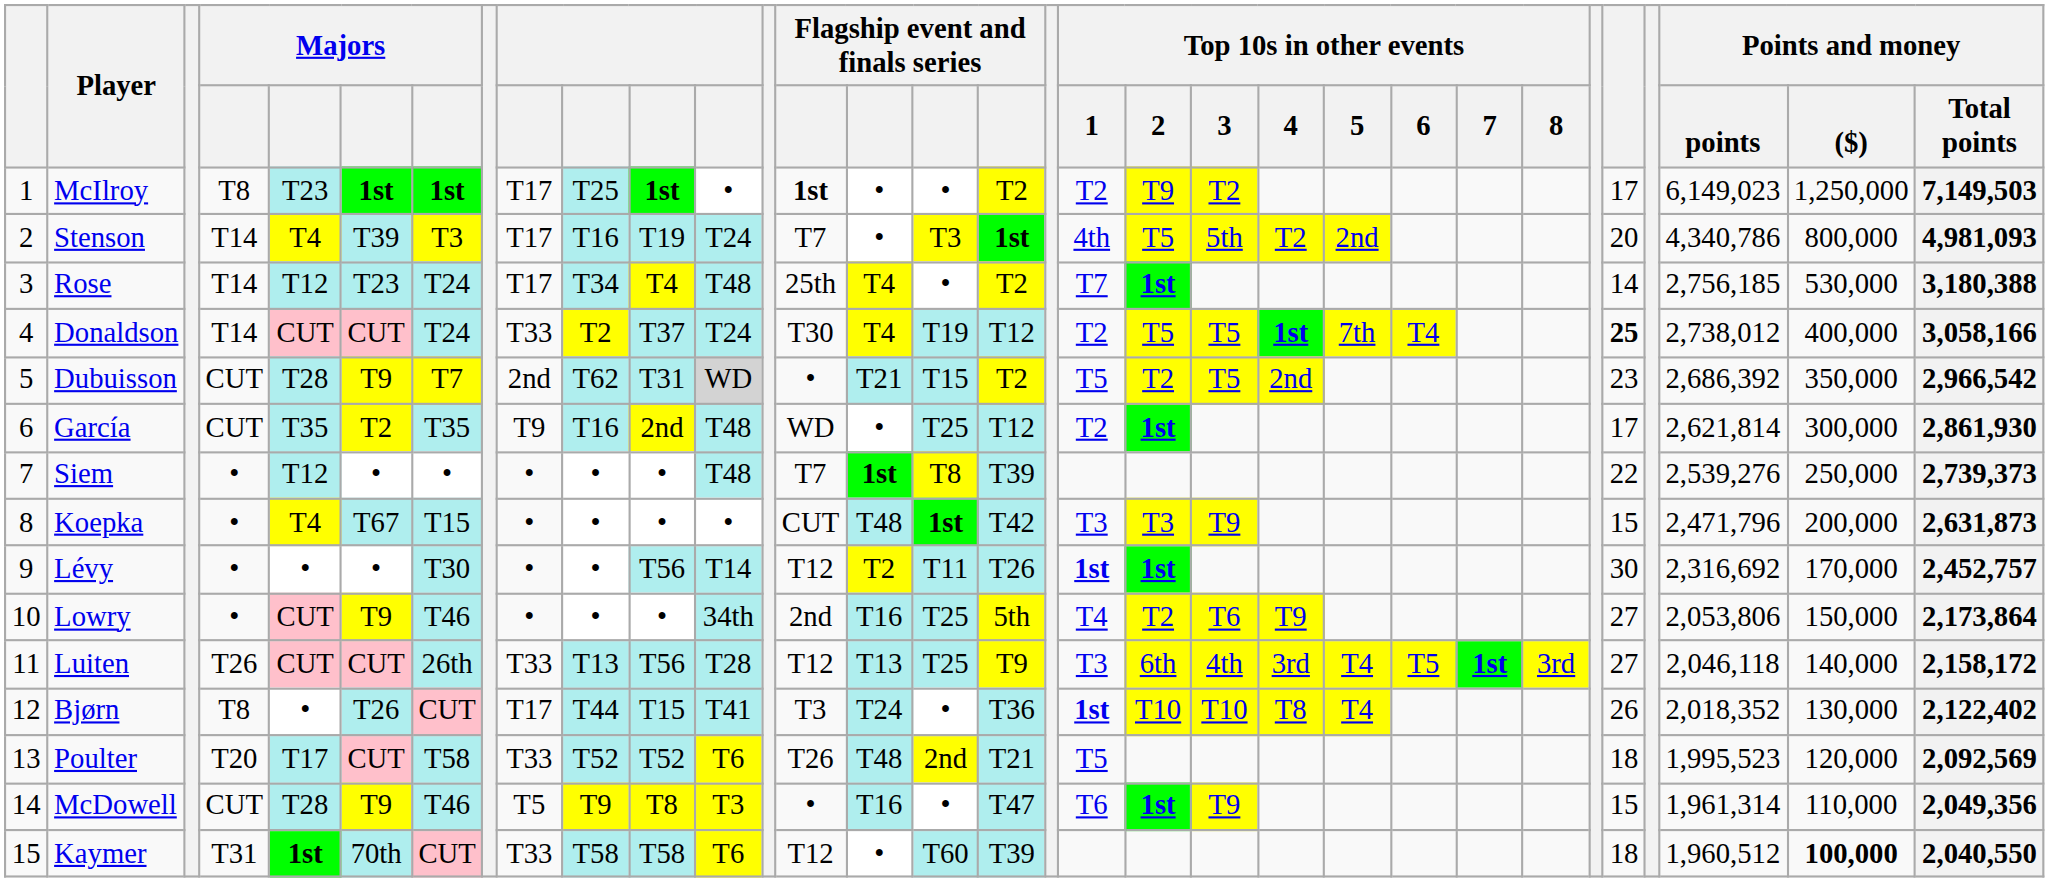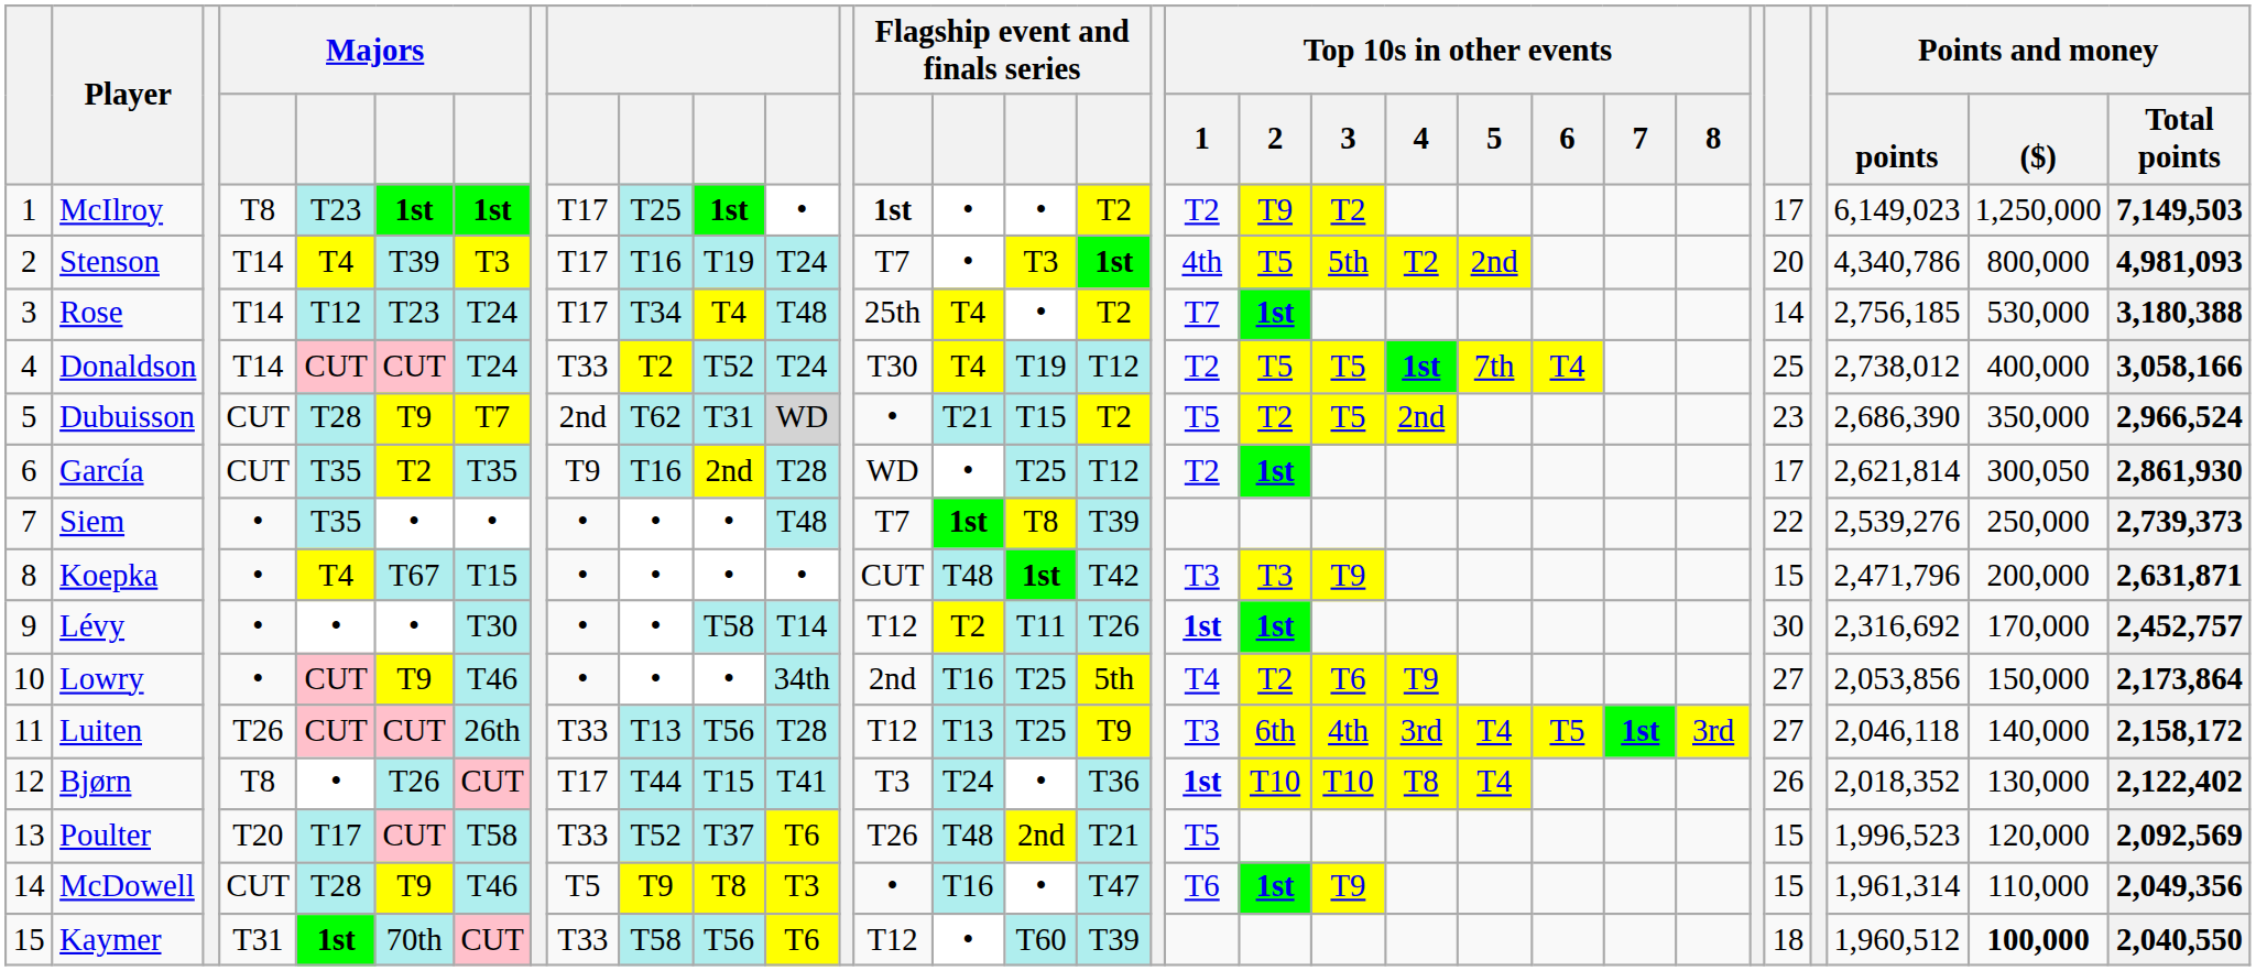 <table class=wikitable style=font-size:85%;text-align:center>
 <tr>
 <th rowspan=2></th>
 <th rowspan="2";>Player</th>
 <th rowspan="32"></th>
 <th colspan=4><a href='#'>Majors</a></th>
 <th rowspan="32"></th>
 <th colspan=4></th>
 <th rowspan="32"></th>
 <th colspan=4>Flagship event and  finals series</th>
 <th rowspan="32"></th>
 <th colspan="8">Top 10s in other  events</th>
 <th rowspan="32"></th>
 <th rowspan=2></th>
 <th rowspan="32"></th>
 <th colspan=3>Points and money</th>
 </tr>
 <tr>
 <th style="width:25px;"></th>
 <th style="width:25px;"></th>
 <th style="width:25px;"></th>
 <th style="width:25px;"></th>
 <th style="width:25px;"></th>
 <th style="width:25px;"></th>
 <th style="width:25px;"></th>
 <th style="width:25px;"></th>
 <th style="width:25px;"></th>
 <th style="width:25px;"></th>
 <th style="width:25px;"></th>
 <th style="width:25px;"></th>
 <th style="width:25px;">1</th>
 <th style="width:25px;">2</th>
 <th style="width:25px;">3</th>
 <th style="width:25px;">4</th>
 <th style="width:25px;">5</th>
 <th style="width:25px;">6</th>
 <th style="width:25px;">7</th>
 <th style="width:25px;">8</th>
 <th style=“width:25px;”><br>points</th>
 <th style=“width:25px;”><br>($)</th>
 <th style=“width:25px;”>Total<br>points</th>
 </tr>
 <tr>
 <td>1</td>
 <td align="left"> <a href='#'>McIlroy</a></td>
 <td>T8</td>
 <td bgcolor="afeeee">T23</td>
 <td bgcolor="lime"><strong>1st</strong></td>
 <td bgcolor="lime"><strong>1st</strong></td>
 <td>T17</td>
 <td bgcolor="afeeee">T25</td>
 <td bgcolor="lime"><strong>1st</strong></td>
 <td style="background:white">•</td>
 <td><strong>1st</strong></td>
 <td style="background:white">•</td>
 <td style="background:white">•</td>
 <td bgcolor="yellow">T2</td>
 <td><a href='#'>T2</a></td>
 <td bgcolor="yellow"><a href='#'>T9</a></td>
 <td bgcolor="yellow"><a href='#'>T2</a></td>
 <td bgcolor=""></td>
 <td bgcolor=""></td>
 <td bgcolor=""></td>
 <td bgcolor=""></td>
 <td bgcolor=""></td>
 <td>17</td>
 <td>6,149,023</td>
 <td>1,250,000</td>
 <th>7,149,503</th>
 </tr>
 <tr>
 <td>2</td>
 <td align="left"> <a href='#'>Stenson</a></td>
 <td>T14</td>
 <td bgcolor="yellow">T4</td>
 <td bgcolor="afeeee">T39</td>
 <td bgcolor="yellow">T3</td>
 <td>T17</td>
 <td bgcolor="afeeee">T16</td>
 <td bgcolor="afeeee">T19</td>
 <td bgcolor="afeeee">T24</td>
 <td>T7</td>
 <td style="background:white">•</td>
 <td bgcolor="yellow">T3</td>
 <td bgcolor="lime"><strong>1st</strong></td>
 <td><a href='#'>4th</a></td>
 <td bgcolor="yellow"><a href='#'>T5</a></td>
 <td bgcolor="yellow"><a href='#'>5th</a></td>
 <td bgcolor="yellow"><a href='#'>T2</a></td>
 <td bgcolor="yellow"><a href='#'>2nd</a></td>
 <td bgcolor=""></td>
 <td bgcolor=""></td>
 <td bgcolor=""></td>
 <td>20</td>
 <td>4,340,786</td>
 <td>800,000</td>
 <th>4,981,093</th>
 </tr>
 <tr>
 <td>3</td>
 <td align="left"> <a href='#'>Rose</a></td>
 <td>T14</td>
 <td bgcolor="afeeee">T12</td>
 <td bgcolor="afeeee">T23</td>
 <td bgcolor="afeeee">T24</td>
 <td>T17</td>
 <td bgcolor="afeeee">T34</td>
 <td bgcolor="yellow">T4</td>
 <td bgcolor="afeeee">T48</td>
 <td>25th</td>
 <td bgcolor="yellow">T4</td>
 <td style="background:white">•</td>
 <td bgcolor="yellow">T2</td>
 <td><a href='#'>T7</a></td>
 <td bgcolor="lime"><a href='#'><strong>1st</strong></a></td>
 <td bgcolor=""></td>
 <td bgcolor=""></td>
 <td bgcolor=""></td>
 <td bgcolor=""></td>
 <td bgcolor=""></td>
 <td bgcolor=""></td>
 <td>14</td>
 <td>2,756,185</td>
 <td>530,000</td>
 <th>3,180,388</th>
 </tr>
 <tr>
 <td>4</td>
 <td align="left"> <a href='#'>Donaldson</a></td>
 <td>T14</td>
 <td bgcolor="pink">CUT</td>
 <td bgcolor="pink">CUT</td>
 <td bgcolor="afeeee">T24</td>
 <td>T33</td>
 <td bgcolor="yellow">T2</td>
-<td bgcolor="afeeee">T37</td>
+<td bgcolor="afeeee">T52</td>
 <td bgcolor="afeeee">T24</td>
 <td>T30</td>
 <td bgcolor="yellow">T4</td>
 <td bgcolor="afeeee">T19</td>
 <td bgcolor="afeeee">T12</td>
 <td><a href='#'>T2</a></td>
 <td bgcolor="yellow"><a href='#'>T5</a></td>
 <td bgcolor="yellow"><a href='#'>T5</a></td>
 <td bgcolor="lime"><a href='#'><strong>1st</strong></a></td>
 <td bgcolor="yellow"><a href='#'>7th</a></td>
 <td bgcolor="yellow"><a href='#'>T4</a></td>
 <td bgcolor=""></td>
 <td bgcolor=""></td>
-<td><strong>25</strong></td>
+<td>25</td>
 <td>2,738,012</td>
 <td>400,000</td>
 <th>3,058,166</th>
 </tr>
 <tr>
 <td>5</td>
 <td align="left"> <a href='#'>Dubuisson</a></td>
 <td>CUT</td>
 <td bgcolor="afeeee">T28</td>
 <td bgcolor="yellow">T9</td>
 <td bgcolor="yellow">T7</td>
 <td>2nd</td>
 <td bgcolor="afeeee">T62</td>
 <td bgcolor="afeeee">T31</td>
 <td bgcolor="lightgrey">WD</td>
 <td>•</td>
 <td bgcolor="afeeee">T21</td>
 <td bgcolor="afeeee">T15</td>
 <td bgcolor="yellow">T2</td>
 <td><a href='#'>T5</a></td>
 <td bgcolor="yellow"><a href='#'>T2</a></td>
 <td bgcolor="yellow"><a href='#'>T5</a></td>
 <td bgcolor="yellow"><a href='#'>2nd</a></td>
 <td bgcolor=""></td>
 <td bgcolor=""></td>
 <td bgcolor=""></td>
 <td bgcolor=""></td>
 <td>23</td>
-<td>2,686,392</td>
+<td>2,686,390</td>
 <td>350,000</td>
-<th>2,966,542</th>
+<th>2,966,524</th>
 </tr>
 <tr>
 <td>6</td>
 <td align="left"> <a href='#'>García</a></td>
 <td>CUT</td>
 <td bgcolor="afeeee">T35</td>
 <td bgcolor="yellow">T2</td>
 <td bgcolor="afeeee">T35</td>
 <td>T9</td>
 <td bgcolor="afeeee">T16</td>
 <td bgcolor="yellow">2nd</td>
-<td bgcolor="afeeee">T48</td>
+<td bgcolor="afeeee">T28</td>
 <td>WD</td>
 <td style="background:white">•</td>
 <td bgcolor="afeeee">T25</td>
 <td bgcolor="afeeee">T12</td>
 <td><a href='#'>T2</a></td>
 <td bgcolor="lime"><a href='#'><strong>1st</strong></a></td>
 <td bgcolor=""></td>
 <td bgcolor=""></td>
 <td bgcolor=""></td>
 <td bgcolor=""></td>
 <td bgcolor=""></td>
 <td bgcolor=""></td>
 <td>17</td>
 <td>2,621,814</td>
-<td>300,000</td>
+<td>300,050</td>
 <th>2,861,930</th>
 </tr>
 <tr>
 <td>7</td>
 <td align="left"> <a href='#'>Siem</a></td>
 <td>•</td>
-<td bgcolor="afeeee">T12</td>
+<td bgcolor="afeeee">T35</td>
 <td style="background:white">•</td>
 <td style="background:white">•</td>
 <td>•</td>
 <td style="background:white">•</td>
 <td style="background:white">•</td>
 <td bgcolor="afeeee">T48</td>
 <td>T7</td>
 <td bgcolor="lime"><strong>1st</strong></td>
 <td bgcolor="yellow">T8</td>
 <td bgcolor="afeeee">T39</td>
 <td></td>
 <td bgcolor=""></td>
 <td bgcolor=""></td>
 <td bgcolor=""></td>
 <td bgcolor=""></td>
 <td bgcolor=""></td>
 <td bgcolor=""></td>
 <td bgcolor=""></td>
 <td>22</td>
 <td>2,539,276</td>
 <td>250,000</td>
 <th>2,739,373</th>
 </tr>
 <tr>
 <td>8</td>
 <td align="left"> <a href='#'>Koepka</a></td>
 <td>•</td>
 <td bgcolor="yellow">T4</td>
 <td bgcolor="afeeee">T67</td>
 <td bgcolor="afeeee">T15</td>
 <td>•</td>
 <td style="background:white">•</td>
 <td style="background:white">•</td>
 <td style="background:white">•</td>
 <td>CUT</td>
 <td bgcolor="afeeee">T48</td>
 <td bgcolor="lime"><strong>1st</strong></td>
 <td bgcolor="afeeee">T42</td>
 <td><a href='#'>T3</a></td>
 <td bgcolor="yellow"><a href='#'>T3</a></td>
 <td bgcolor="yellow"><a href='#'>T9</a></td>
 <td bgcolor=""></td>
 <td bgcolor=""></td>
 <td bgcolor=""></td>
 <td bgcolor=""></td>
 <td bgcolor=""></td>
 <td>15</td>
 <td>2,471,796</td>
 <td>200,000</td>
-<th>2,631,873</th>
+<th>2,631,871</th>
 </tr>
 <tr>
 <td>9</td>
 <td align="left"> <a href='#'>Lévy</a></td>
 <td>•</td>
 <td style="background:white">•</td>
 <td style="background:white">•</td>
 <td bgcolor="afeeee">T30</td>
 <td>•</td>
 <td style="background:white">•</td>
-<td bgcolor="afeeee">T56</td>
+<td bgcolor="afeeee">T58</td>
 <td bgcolor="afeeee">T14</td>
 <td>T12</td>
 <td bgcolor="yellow">T2</td>
 <td bgcolor="afeeee">T11</td>
 <td bgcolor="afeeee">T26</td>
 <td><a href='#'><strong>1st</strong></a></td>
 <td bgcolor="lime"><a href='#'><strong>1st</strong></a></td>
 <td bgcolor=""></td>
 <td bgcolor=""></td>
 <td bgcolor=""></td>
 <td bgcolor=""></td>
 <td bgcolor=""></td>
 <td bgcolor=""></td>
 <td>30</td>
 <td>2,316,692</td>
 <td>170,000</td>
 <th>2,452,757</th>
 </tr>
 <tr>
 <td>10</td>
 <td align="left"> <a href='#'>Lowry</a></td>
 <td>•</td>
 <td bgcolor="pink">CUT</td>
 <td bgcolor="yellow">T9</td>
 <td bgcolor="afeeee">T46</td>
 <td>•</td>
 <td style="background:white">•</td>
 <td style="background:white">•</td>
 <td bgcolor="afeeee">34th</td>
 <td>2nd</td>
 <td bgcolor="afeeee">T16</td>
 <td bgcolor="afeeee">T25</td>
 <td bgcolor="yellow">5th</td>
 <td><a href='#'>T4</a></td>
 <td bgcolor="yellow"><a href='#'>T2</a></td>
 <td bgcolor="yellow"><a href='#'>T6</a></td>
 <td bgcolor="yellow"><a href='#'>T9</a></td>
 <td bgcolor=""></td>
 <td bgcolor=""></td>
 <td bgcolor=""></td>
 <td bgcolor=""></td>
 <td>27</td>
-<td>2,053,806</td>
+<td>2,053,856</td>
 <td>150,000</td>
 <th>2,173,864</th>
 </tr>
 <tr>
 <td>11</td>
 <td align="left"> <a href='#'>Luiten</a></td>
 <td>T26</td>
 <td bgcolor="pink">CUT</td>
 <td bgcolor="pink">CUT</td>
 <td bgcolor="afeeee">26th</td>
 <td>T33</td>
 <td bgcolor="afeeee">T13</td>
 <td bgcolor="afeeee">T56</td>
 <td bgcolor="afeeee">T28</td>
 <td>T12</td>
 <td bgcolor="afeeee">T13</td>
 <td bgcolor="afeeee">T25</td>
 <td bgcolor="yellow">T9</td>
 <td><a href='#'>T3</a></td>
 <td bgcolor="yellow"><a href='#'>6th</a></td>
 <td bgcolor="yellow"><a href='#'>4th</a></td>
 <td bgcolor="yellow"><a href='#'>3rd</a></td>
 <td bgcolor="yellow"><a href='#'>T4</a></td>
 <td bgcolor="yellow"><a href='#'>T5</a></td>
 <td bgcolor="lime"><a href='#'><strong>1st</strong></a></td>
 <td bgcolor="yellow"><a href='#'>3rd</a></td>
 <td>27</td>
 <td>2,046,118</td>
 <td>140,000</td>
 <th>2,158,172</th>
 </tr>
 <tr>
 <td>12</td>
 <td align="left"> <a href='#'>Bjørn</a></td>
 <td>T8</td>
 <td style="background:white">•</td>
 <td bgcolor="afeeee">T26</td>
 <td bgcolor="pink">CUT</td>
 <td>T17</td>
 <td bgcolor="afeeee">T44</td>
 <td bgcolor="afeeee">T15</td>
 <td bgcolor="afeeee">T41</td>
 <td>T3</td>
 <td bgcolor="afeeee">T24</td>
 <td style="background:white">•</td>
 <td bgcolor="afeeee">T36</td>
 <td><a href='#'><strong>1st</strong></a></td>
 <td bgcolor="yellow"><a href='#'>T10</a></td>
 <td bgcolor="yellow"><a href='#'>T10</a></td>
 <td bgcolor="yellow"><a href='#'>T8</a></td>
 <td bgcolor="yellow"><a href='#'>T4</a></td>
 <td bgcolor=""></td>
 <td bgcolor=""></td>
 <td bgcolor=""></td>
 <td>26</td>
 <td>2,018,352</td>
 <td>130,000</td>
 <th>2,122,402</th>
 </tr>
 <tr>
 <td>13</td>
 <td align="left"> <a href='#'>Poulter</a></td>
 <td>T20</td>
 <td bgcolor="afeeee">T17</td>
 <td bgcolor="pink">CUT</td>
 <td bgcolor="afeeee">T58</td>
 <td>T33</td>
 <td bgcolor="afeeee">T52</td>
-<td bgcolor="afeeee">T52</td>
+<td bgcolor="afeeee">T37</td>
 <td bgcolor="yellow">T6</td>
 <td>T26</td>
 <td bgcolor="afeeee">T48</td>
 <td bgcolor="yellow">2nd</td>
 <td bgcolor="afeeee">T21</td>
 <td><a href='#'>T5</a></td>
 <td bgcolor=""></td>
 <td bgcolor=""></td>
 <td bgcolor=""></td>
 <td bgcolor=""></td>
 <td bgcolor=""></td>
 <td bgcolor=""></td>
 <td bgcolor=""></td>
-<td>18</td>
-<td>1,995,523</td>
+<td>15</td>
+<td>1,996,523</td>
 <td>120,000</td>
 <th>2,092,569</th>
 </tr>
 <tr>
 <td>14</td>
 <td align="left"> <a href='#'>McDowell</a></td>
 <td>CUT</td>
 <td bgcolor="afeeee">T28</td>
 <td bgcolor="yellow">T9</td>
 <td bgcolor="afeeee">T46</td>
 <td>T5</td>
 <td bgcolor="yellow">T9</td>
 <td bgcolor="yellow">T8</td>
 <td bgcolor="yellow">T3</td>
 <td>•</td>
 <td bgcolor="afeeee">T16</td>
 <td style="background:white">•</td>
 <td bgcolor="afeeee">T47</td>
 <td><a href='#'>T6</a></td>
 <td bgcolor="lime"><a href='#'><strong>1st</strong></a></td>
 <td bgcolor="yellow"><a href='#'>T9</a></td>
 <td bgcolor=""></td>
 <td bgcolor=""></td>
 <td bgcolor=""></td>
 <td bgcolor=""></td>
 <td bgcolor=""></td>
 <td>15</td>
 <td>1,961,314</td>
 <td>110,000</td>
 <th>2,049,356</th>
 </tr>
 <tr>
 <td>15</td>
 <td align="left"> <a href='#'>Kaymer</a></td>
 <td>T31</td>
 <td bgcolor="lime"><strong>1st</strong></td>
 <td bgcolor="afeeee">70th</td>
 <td bgcolor="pink">CUT</td>
 <td>T33</td>
 <td bgcolor="afeeee">T58</td>
-<td bgcolor="afeeee">T58</td>
+<td bgcolor="afeeee">T56</td>
 <td bgcolor="yellow">T6</td>
 <td>T12</td>
 <td style="background:white">•</td>
 <td bgcolor="afeeee">T60</td>
 <td bgcolor="afeeee">T39</td>
 <td></td>
 <td bgcolor=""></td>
 <td bgcolor=""></td>
 <td bgcolor=""></td>
 <td bgcolor=""></td>
 <td bgcolor=""></td>
 <td bgcolor=""></td>
 <td bgcolor=""></td>
 <td>18</td>
 <td>1,960,512</td>
 <td><strong>100,000</strong></td>
 <th>2,040,550</th>
 </tr>
 </table>
